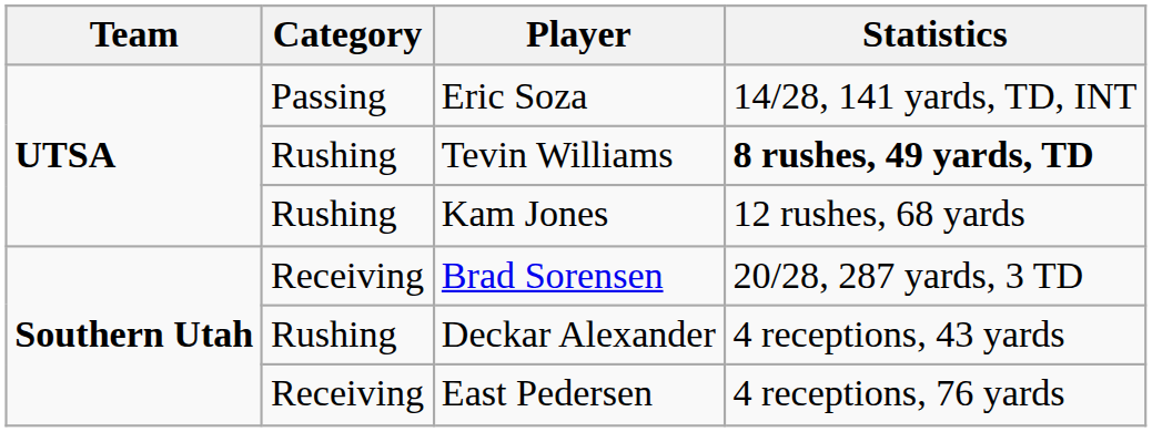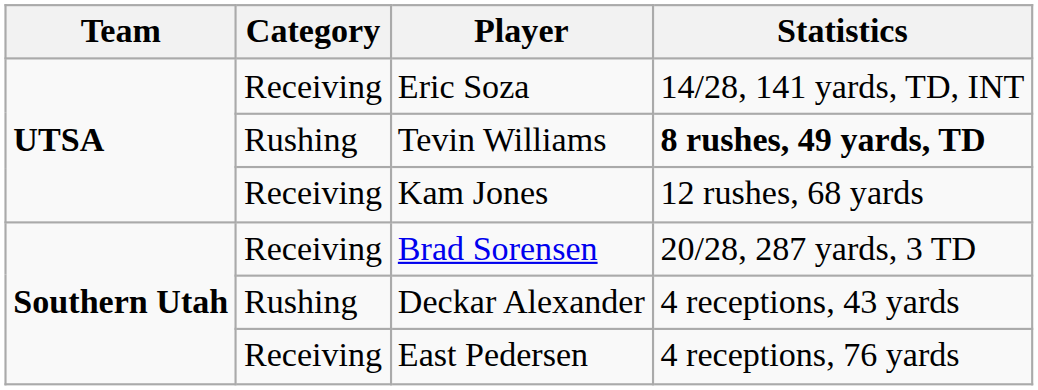 <table class="wikitable" style="float: right;">
 <tr>
 <th>Team</th>
 <th>Category</th>
 <th>Player</th>
 <th>Statistics</th>
 </tr>
 <tr>
 <td rowspan=3><strong>UTSA</strong></td>
-<td>Passing</td>
+<td>Receiving</td>
 <td>Eric Soza</td>
 <td>14/28, 141 yards, TD, INT</td>
 </tr>
 <tr>
 <td>Rushing</td>
 <td>Tevin Williams</td>
 <td><strong>8 rushes, 49 yards, TD</strong></td>
 </tr>
 <tr>
-<td>Rushing</td>
+<td>Receiving</td>
 <td>Kam Jones</td>
 <td>12 rushes, 68 yards</td>
 </tr>
 <tr>
 <td rowspan=3><strong>Southern Utah</strong></td>
 <td>Receiving</td>
 <td><a href='#'>Brad Sorensen</a></td>
 <td>20/28, 287 yards, 3 TD</td>
 </tr>
 <tr>
 <td>Rushing</td>
 <td>Deckar Alexander</td>
 <td>4 receptions, 43 yards</td>
 </tr>
 <tr>
 <td>Receiving</td>
 <td>East Pedersen</td>
 <td>4 receptions, 76 yards</td>
 </tr>
 </table>
